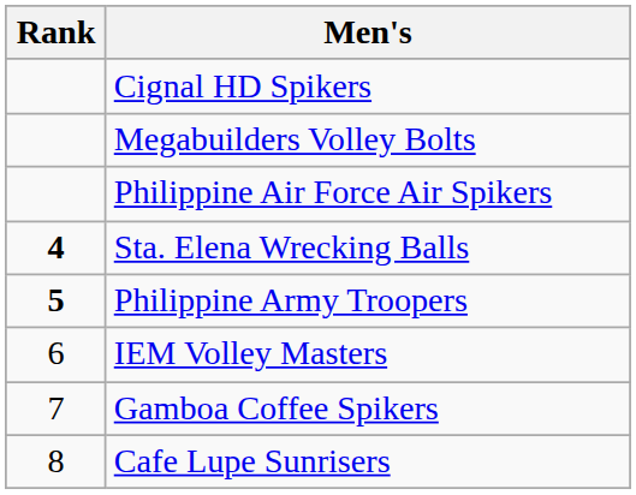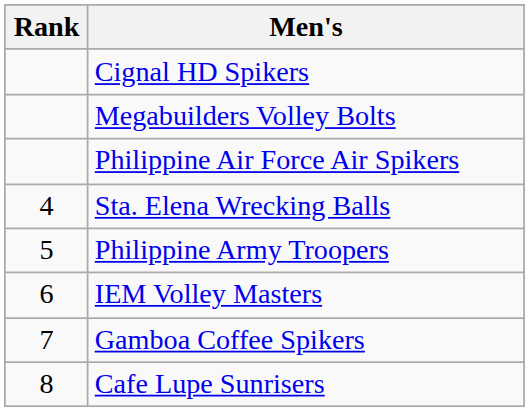 <table class="wikitable" style="text-align: center;">
 <tr>
 <th width=40>Rank</th>
 <th width=240>Men's</th>
 </tr>
 <tr>
 <td></td>
 <td align="left"><a href='#'>Cignal HD Spikers</a></td>
 </tr>
 <tr>
 <td></td>
 <td align="left"><a href='#'>Megabuilders Volley Bolts</a></td>
 </tr>
 <tr>
 <td></td>
 <td align="left"><a href='#'>Philippine Air Force Air Spikers</a></td>
 </tr>
 <tr>
-<td><strong>4</strong></td>
+<td>4</td>
 <td align="left"><a href='#'>Sta. Elena Wrecking Balls</a></td>
 </tr>
 <tr>
-<td><strong>5</strong></td>
+<td>5</td>
 <td align="left"><a href='#'>Philippine Army Troopers</a></td>
 </tr>
 <tr>
 <td>6</td>
 <td align="left"><a href='#'>IEM Volley Masters</a></td>
 </tr>
 <tr>
 <td>7</td>
 <td align="left"><a href='#'>Gamboa Coffee Spikers</a></td>
 </tr>
 <tr>
 <td>8</td>
 <td align="left"><a href='#'>Cafe Lupe Sunrisers</a></td>
 </tr>
 </table>
